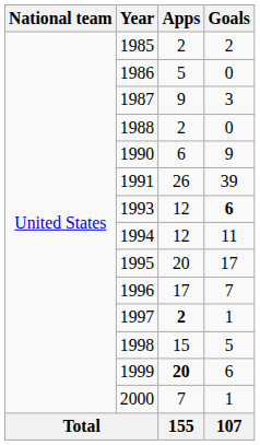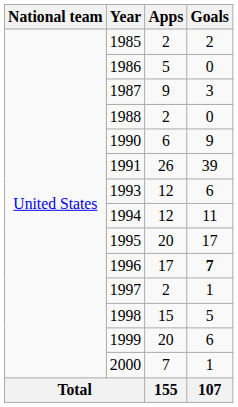 <table class="wikitable" style="text-align:center">
 <tr>
 <th>National team</th>
 <th>Year</th>
 <th>Apps</th>
 <th>Goals</th>
 </tr>
 <tr>
 <td rowspan="14"><a href='#'>United States</a></td>
 <td>1985</td>
 <td>2</td>
 <td>2</td>
 </tr>
 <tr>
 <td>1986</td>
 <td>5</td>
 <td>0</td>
 </tr>
 <tr>
 <td>1987</td>
 <td>9</td>
 <td>3</td>
 </tr>
 <tr>
 <td>1988</td>
 <td>2</td>
 <td>0</td>
 </tr>
 <tr>
 <td>1990</td>
 <td>6</td>
 <td>9</td>
 </tr>
 <tr>
 <td>1991</td>
 <td>26</td>
 <td>39</td>
 </tr>
 <tr>
 <td>1993</td>
 <td>12</td>
-<td><strong>6</strong></td>
+<td>6</td>
 </tr>
 <tr>
 <td>1994</td>
 <td>12</td>
 <td>11</td>
 </tr>
 <tr>
 <td>1995</td>
 <td>20</td>
 <td>17</td>
 </tr>
 <tr>
 <td>1996</td>
 <td>17</td>
-<td>7</td>
+<td><strong>7</strong></td>
 </tr>
 <tr>
 <td>1997</td>
-<td><strong>2</strong></td>
+<td>2</td>
 <td>1</td>
 </tr>
 <tr>
 <td>1998</td>
 <td>15</td>
 <td>5</td>
 </tr>
 <tr>
 <td>1999</td>
-<td><strong>20</strong></td>
+<td>20</td>
 <td>6</td>
 </tr>
 <tr>
 <td>2000</td>
 <td>7</td>
 <td>1</td>
 </tr>
 <tr>
 <th colspan="2">Total</th>
 <th>155</th>
 <th>107</th>
 </tr>
 </table>
